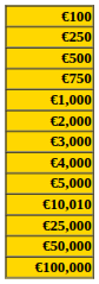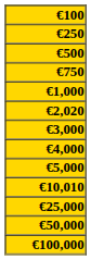 <table border=1 cellspacing=0 cellpadding=1 width=95px style="background:gold;text-align:right">
 <tr>
 <td><strong>€100</strong></td>
 </tr>
 <tr>
 <td><strong>€250</strong></td>
 </tr>
 <tr>
 <td><strong>€500</strong></td>
 </tr>
 <tr>
 <td><strong>€750</strong></td>
 </tr>
 <tr>
 <td><strong>€1,000</strong></td>
 </tr>
 <tr>
-<td><strong>€2,000</strong></td>
+<td><strong>€2,020</strong></td>
 </tr>
 <tr>
 <td><strong>€3,000</strong></td>
 </tr>
 <tr>
 <td><strong>€4,000</strong></td>
 </tr>
 <tr>
 <td><strong>€5,000</strong></td>
 </tr>
 <tr>
 <td><strong>€10,010</strong></td>
 </tr>
 <tr>
 <td><strong>€25,000</strong></td>
 </tr>
 <tr>
 <td><strong>€50,000</strong></td>
 </tr>
 <tr>
 <td><strong>€100,000</strong></td>
 </tr>
 </table>
